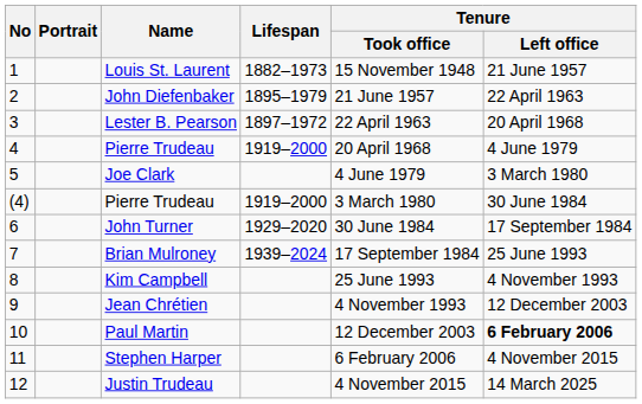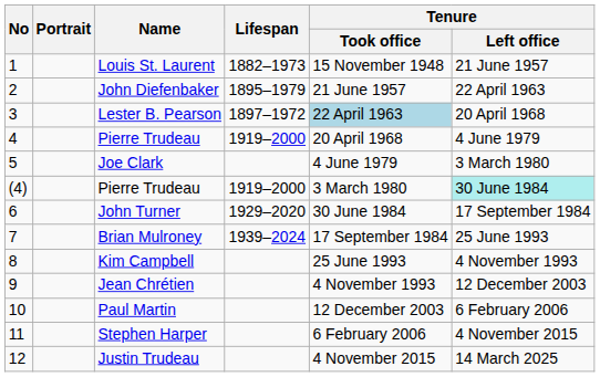 <table class="wikitable">
 <tr>
 <th rowspan="2" scope="col">No</th>
 <th scope="col" rowspan="2">Portrait</th>
 <th rowspan="2" scope="col">Name</th>
 <th scope="col" rowspan="2">Lifespan</th>
 <th colspan="2" scope="col">Tenure</th>
 </tr>
 <tr>
 <th scope="col">Took office</th>
 <th scope="col">Left office</th>
 </tr>
 <tr>
 <td>1</td>
 <td></td>
 <td><a href='#'>Louis St. Laurent</a></td>
 <td>1882–1973</td>
 <td>15 November 1948</td>
 <td>21 June 1957</td>
 </tr>
 <tr>
 <td>2</td>
 <td></td>
 <td><a href='#'>John Diefenbaker</a></td>
 <td>1895–1979</td>
 <td>21 June 1957</td>
 <td>22 April 1963</td>
 </tr>
 <tr>
 <td>3</td>
 <td></td>
 <td><a href='#'>Lester B. Pearson</a></td>
 <td>1897–1972</td>
-<td>22 April 1963</td>
+<td style="background: lightblue;">22 April 1963</td>
 <td>20 April 1968</td>
 </tr>
 <tr>
 <td>4</td>
 <td></td>
 <td><a href='#'>Pierre Trudeau</a></td>
 <td>1919–<a href='#'>2000</a></td>
 <td>20 April 1968</td>
 <td>4 June 1979</td>
 </tr>
 <tr>
 <td>5</td>
 <td></td>
 <td><a href='#'>Joe Clark</a></td>
 <td></td>
 <td>4 June 1979</td>
 <td>3 March 1980</td>
 </tr>
 <tr>
 <td>(4)</td>
 <td></td>
 <td>Pierre Trudeau</td>
 <td>1919–2000</td>
 <td>3 March 1980</td>
-<td>30 June 1984</td>
+<td style="background: paleturquoise;">30 June 1984</td>
 </tr>
 <tr>
 <td>6</td>
 <td></td>
 <td><a href='#'>John Turner</a></td>
 <td>1929–2020</td>
 <td>30 June 1984</td>
 <td>17 September 1984</td>
 </tr>
 <tr>
 <td>7</td>
 <td></td>
 <td><a href='#'>Brian Mulroney</a></td>
 <td>1939–<a href='#'>2024</a></td>
 <td>17 September 1984</td>
 <td>25 June 1993</td>
 </tr>
 <tr>
 <td>8</td>
 <td></td>
 <td><a href='#'>Kim Campbell</a></td>
 <td></td>
 <td>25 June 1993</td>
 <td>4 November 1993</td>
 </tr>
 <tr>
 <td>9</td>
 <td></td>
 <td><a href='#'>Jean Chrétien</a></td>
 <td></td>
 <td>4 November 1993</td>
 <td>12 December 2003</td>
 </tr>
 <tr>
 <td>10</td>
 <td></td>
 <td><a href='#'>Paul Martin</a></td>
 <td></td>
 <td>12 December 2003</td>
-<td><strong>6 February 2006</strong></td>
+<td>6 February 2006</td>
 </tr>
 <tr>
 <td>11</td>
 <td></td>
 <td><a href='#'>Stephen Harper</a></td>
 <td></td>
 <td>6 February 2006</td>
 <td>4 November 2015</td>
 </tr>
 <tr>
 <td>12</td>
 <td></td>
 <td><a href='#'>Justin Trudeau</a></td>
 <td></td>
 <td>4 November 2015</td>
 <td>14 March 2025</td>
 </tr>
 </table>
